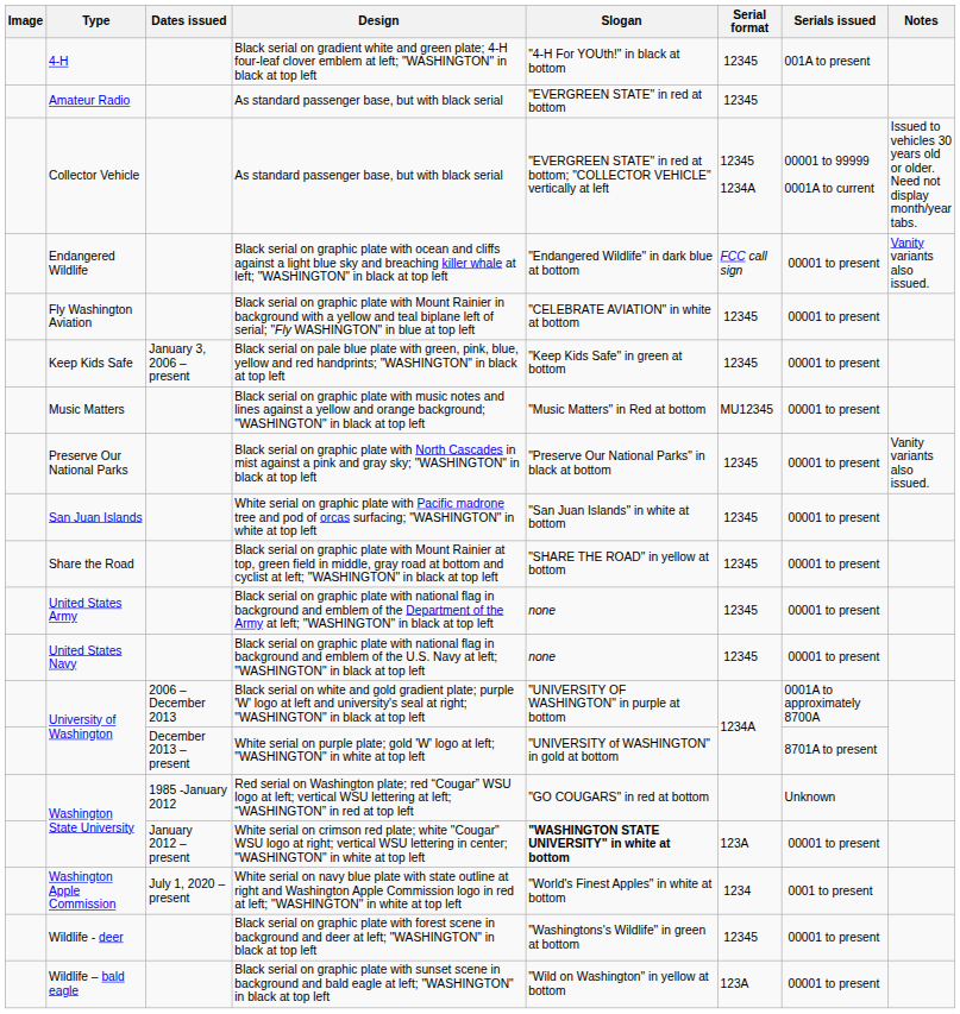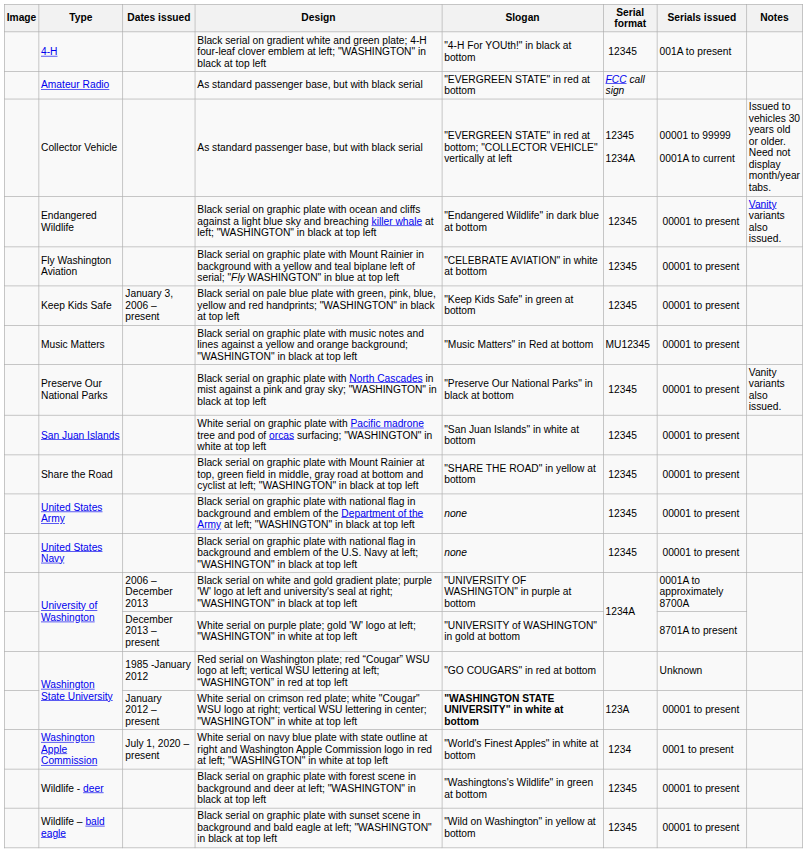 <table class="wikitable">
 <tr>
 <th>Image</th>
 <th>Type</th>
 <th>Dates issued</th>
 <th>Design</th>
 <th>Slogan</th>
 <th>Serial format</th>
 <th>Serials issued</th>
 <th style="width:80px;">Notes</th>
 </tr>
 <tr>
 <td></td>
 <td><a href='#'>4-H</a></td>
 <td></td>
 <td>Black serial on gradient white and green plate; 4-H four-leaf clover emblem at left; "WASHINGTON" in black at top left</td>
 <td>"4-H For YOUth!" in black at bottom</td>
 <td> 12345</td>
 <td>001A to present</td>
 <td></td>
 </tr>
 <tr>
 <td></td>
 <td><a href='#'>Amateur Radio</a></td>
 <td></td>
 <td>As standard passenger base, but with black serial</td>
 <td>"EVERGREEN STATE" in red at bottom</td>
-<td> 12345</td>
+<td><em><a href='#'>FCC</a> call sign</em></td>
 <td></td>
 <td></td>
 </tr>
 <tr>
 <td></td>
 <td>Collector Vehicle</td>
 <td></td>
 <td>As standard passenger base, but with black serial</td>
 <td>"EVERGREEN STATE" in red at bottom; "COLLECTOR VEHICLE" vertically at left</td>
 <td>12345<br><br>1234A</td>
 <td>00001 to 99999<br><br>0001A to current</td>
 <td>Issued to vehicles 30 years old or older. Need not display month/year tabs.</td>
 </tr>
 <tr>
 <td></td>
 <td>Endangered Wildlife</td>
 <td></td>
 <td>Black serial on graphic plate with ocean and cliffs against a light blue sky and breaching <a href='#'>killer whale</a> at left; "WASHINGTON" in black at top left</td>
 <td>"Endangered Wildlife" in dark blue at bottom</td>
-<td><em><a href='#'>FCC</a> call sign</em></td>
+<td> 12345</td>
 <td> 00001 to present</td>
 <td><a href='#'>Vanity</a> variants also issued.</td>
 </tr>
 <tr>
 <td></td>
 <td>Fly Washington Aviation</td>
 <td></td>
 <td>Black serial on graphic plate with Mount Rainier in background with a yellow and teal biplane left of serial; "<em>Fly</em> WASHINGTON" in blue at top left</td>
 <td>"CELEBRATE AVIATION" in white at bottom</td>
 <td> 12345</td>
 <td> 00001 to present</td>
 <td></td>
 </tr>
 <tr>
 <td></td>
 <td>Keep Kids Safe</td>
 <td>January 3, 2006 – present</td>
 <td>Black serial on pale blue plate with green, pink, blue, yellow and red handprints; "WASHINGTON" in black at top left</td>
 <td>"Keep Kids Safe" in green at bottom</td>
 <td> 12345</td>
 <td> 00001 to present</td>
 <td></td>
 </tr>
 <tr>
 <td></td>
 <td>Music Matters</td>
 <td></td>
 <td>Black serial on graphic plate with music notes and lines against a yellow and orange background; "WASHINGTON" in black at top left</td>
 <td>"Music Matters" in Red at bottom</td>
 <td>MU12345</td>
 <td> 00001 to present</td>
 </tr>
 <tr>
 <td></td>
 <td>Preserve Our National Parks</td>
 <td></td>
 <td>Black serial on graphic plate with <a href='#'>North Cascades</a> in mist against a pink and gray sky; "WASHINGTON" in black at top left</td>
 <td>"Preserve Our National Parks" in black at bottom</td>
 <td> 12345</td>
 <td> 00001 to present</td>
 <td>Vanity variants also issued.</td>
 </tr>
 <tr>
 <td></td>
 <td><a href='#'>San Juan Islands</a></td>
 <td></td>
 <td>White serial on graphic plate with <a href='#'>Pacific madrone</a> tree and pod of <a href='#'>orcas</a>     surfacing; "WASHINGTON" in white at top left</td>
 <td>"San Juan Islands" in white at bottom</td>
 <td> 12345</td>
 <td> 00001 to present</td>
 <td></td>
 </tr>
 <tr>
 <td></td>
 <td>Share the Road</td>
 <td></td>
 <td>Black serial on graphic plate with Mount Rainier at top, green field in middle, gray road at bottom and cyclist at left; "WASHINGTON" in black at top left</td>
 <td>"SHARE THE ROAD" in yellow at bottom</td>
 <td> 12345</td>
 <td> 00001 to present</td>
 <td></td>
 </tr>
 <tr>
 <td></td>
 <td><a href='#'>United States Army</a></td>
 <td></td>
 <td>Black serial on graphic plate with national flag in background and emblem of the <a href='#'>Department of the Army</a> at left; "WASHINGTON" in black at top left</td>
 <td><em>none</em></td>
 <td> 12345</td>
 <td> 00001 to present</td>
 <td></td>
 </tr>
 <tr>
 <td></td>
 <td><a href='#'>United States Navy</a></td>
 <td></td>
 <td>Black serial on graphic plate with national flag in background and emblem of the U.S. Navy at left; "WASHINGTON" in black at top left</td>
 <td><em>none</em></td>
 <td> 12345</td>
 <td> 00001 to present</td>
 <td></td>
 </tr>
 <tr>
 <td></td>
 <td rowspan="2"><a href='#'>University of Washington</a></td>
 <td>2006 – December 2013</td>
 <td>Black serial on white and gold gradient plate; purple 'W' logo at left and university's seal at right; "WASHINGTON" in black at top left</td>
 <td>"UNIVERSITY OF WASHINGTON" in purple at bottom</td>
 <td rowspan="2">1234A</td>
 <td>0001A to approximately 8700A</td>
 <td rowspan="2"></td>
 </tr>
 <tr>
 <td></td>
 <td>December 2013 – present</td>
 <td>White serial on purple plate; gold 'W' logo at left; "WASHINGTON" in white at top left</td>
 <td>"UNIVERSITY of WASHINGTON" in gold at bottom</td>
 <td>8701A to present</td>
 </tr>
 <tr>
 <td></td>
 <td rowspan="2"><a href='#'>Washington State University</a></td>
 <td>1985 -January 2012</td>
 <td>Red serial on Washington plate; red “Cougar” WSU logo at left; vertical WSU lettering at left; “WASHINGTON” in red at top left</td>
 <td>"GO COUGARS" in red at bottom</td>
 <td></td>
 <td>Unknown</td>
 <td></td>
 </tr>
 <tr>
 <td></td>
 <td>January 2012 – present</td>
 <td>White serial on crimson red plate; white "Cougar" WSU logo at right; vertical WSU lettering in center; "WASHINGTON" in white at top left</td>
 <td><strong>"WASHINGTON STATE UNIVERSITY" in white at bottom</strong></td>
 <td>123A</td>
 <td> 00001 to present</td>
 <td></td>
 </tr>
 <tr>
 <td></td>
 <td><a href='#'>Washington Apple Commission</a></td>
 <td>July 1, 2020 – present</td>
 <td>White serial on navy blue plate with state outline at right and Washington Apple Commission logo in red at left; "WASHINGTON" in white at top left</td>
 <td>"World's Finest Apples" in white at bottom</td>
 <td> 1234</td>
 <td> 0001 to present</td>
 <td></td>
 </tr>
 <tr>
 <td></td>
 <td>Wildlife - <a href='#'>deer</a></td>
 <td></td>
 <td>Black serial on graphic plate with forest scene in background and deer at left; "WASHINGTON" in black at top left</td>
 <td>"Washingtons's Wildlife" in green at bottom</td>
 <td> 12345</td>
 <td> 00001 to present</td>
 </tr>
 <tr>
 <td></td>
 <td>Wildlife – <a href='#'>bald eagle</a></td>
 <td></td>
 <td>Black serial on graphic plate with sunset scene in background and bald eagle at left; "WASHINGTON" in black at top left</td>
 <td>"Wild on Washington" in yellow at bottom</td>
-<td>123A</td>
+<td> 12345</td>
 <td> 00001 to present</td>
 <td></td>
 </tr>
 </table>
